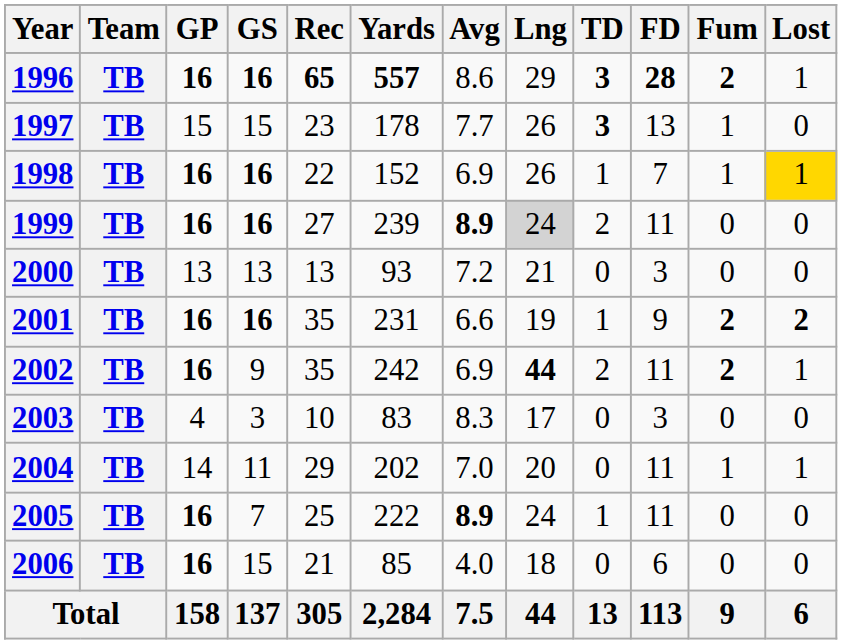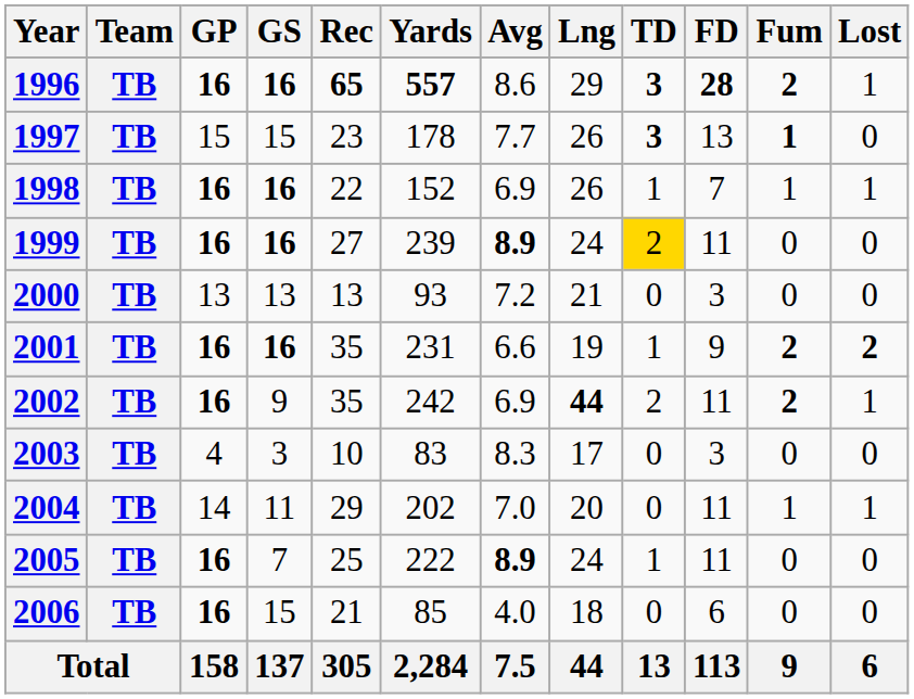 <table class="wikitable" style="text-align:center;">
 <tr>
 <th>Year</th>
 <th>Team</th>
 <th>GP</th>
 <th>GS</th>
 <th>Rec</th>
 <th>Yards</th>
 <th>Avg</th>
 <th>Lng</th>
 <th>TD</th>
 <th>FD</th>
 <th>Fum</th>
 <th>Lost</th>
 </tr>
 <tr>
 <th><a href='#'>1996</a></th>
 <th><a href='#'>TB</a></th>
 <td><strong>16</strong></td>
 <td><strong>16</strong></td>
 <td><strong>65</strong></td>
 <td><strong>557</strong></td>
 <td>8.6</td>
 <td>29</td>
 <td><strong>3</strong></td>
 <td><strong>28</strong></td>
 <td><strong>2</strong></td>
 <td>1</td>
 </tr>
 <tr>
 <th><a href='#'>1997</a></th>
 <th><a href='#'>TB</a></th>
 <td>15</td>
 <td>15</td>
 <td>23</td>
 <td>178</td>
 <td>7.7</td>
 <td>26</td>
 <td><strong>3</strong></td>
 <td>13</td>
-<td>1</td>
+<td><strong>1</strong></td>
 <td>0</td>
 </tr>
 <tr>
 <th><a href='#'>1998</a></th>
 <th><a href='#'>TB</a></th>
 <td><strong>16</strong></td>
 <td><strong>16</strong></td>
 <td>22</td>
 <td>152</td>
 <td>6.9</td>
 <td>26</td>
 <td>1</td>
 <td>7</td>
 <td>1</td>
-<td style="background: gold;">1</td>
+<td>1</td>
 </tr>
 <tr>
 <th><a href='#'>1999</a></th>
 <th><a href='#'>TB</a></th>
 <td><strong>16</strong></td>
 <td><strong>16</strong></td>
 <td>27</td>
 <td>239</td>
 <td><strong>8.9</strong></td>
-<td style="background: lightgrey;">24</td>
-<td>2</td>
+<td>24</td>
+<td style="background: gold;">2</td>
 <td>11</td>
 <td>0</td>
 <td>0</td>
 </tr>
 <tr>
 <th><a href='#'>2000</a></th>
 <th><a href='#'>TB</a></th>
 <td>13</td>
 <td>13</td>
 <td>13</td>
 <td>93</td>
 <td>7.2</td>
 <td>21</td>
 <td>0</td>
 <td>3</td>
 <td>0</td>
 <td>0</td>
 </tr>
 <tr>
 <th><a href='#'>2001</a></th>
 <th><a href='#'>TB</a></th>
 <td><strong>16</strong></td>
 <td><strong>16</strong></td>
 <td>35</td>
 <td>231</td>
 <td>6.6</td>
 <td>19</td>
 <td>1</td>
 <td>9</td>
 <td><strong>2</strong></td>
 <td><strong>2</strong></td>
 </tr>
 <tr>
 <th><a href='#'>2002</a></th>
 <th><a href='#'>TB</a></th>
 <td><strong>16</strong></td>
 <td>9</td>
 <td>35</td>
 <td>242</td>
 <td>6.9</td>
 <td><strong>44</strong></td>
 <td>2</td>
 <td>11</td>
 <td><strong>2</strong></td>
 <td>1</td>
 </tr>
 <tr>
 <th><a href='#'>2003</a></th>
 <th><a href='#'>TB</a></th>
 <td>4</td>
 <td>3</td>
 <td>10</td>
 <td>83</td>
 <td>8.3</td>
 <td>17</td>
 <td>0</td>
 <td>3</td>
 <td>0</td>
 <td>0</td>
 </tr>
 <tr>
 <th><a href='#'>2004</a></th>
 <th><a href='#'>TB</a></th>
 <td>14</td>
 <td>11</td>
 <td>29</td>
 <td>202</td>
 <td>7.0</td>
 <td>20</td>
 <td>0</td>
 <td>11</td>
 <td>1</td>
 <td>1</td>
 </tr>
 <tr>
 <th><a href='#'>2005</a></th>
 <th><a href='#'>TB</a></th>
 <td><strong>16</strong></td>
 <td>7</td>
 <td>25</td>
 <td>222</td>
 <td><strong>8.9</strong></td>
 <td>24</td>
 <td>1</td>
 <td>11</td>
 <td>0</td>
 <td>0</td>
 </tr>
 <tr>
 <th><a href='#'>2006</a></th>
 <th><a href='#'>TB</a></th>
 <td><strong>16</strong></td>
 <td>15</td>
 <td>21</td>
 <td>85</td>
 <td>4.0</td>
 <td>18</td>
 <td>0</td>
 <td>6</td>
 <td>0</td>
 <td>0</td>
 </tr>
 <tr>
 <th colspan="2">Total</th>
 <th>158</th>
 <th>137</th>
 <th>305</th>
 <th>2,284</th>
 <th>7.5</th>
 <th>44</th>
 <th>13</th>
 <th>113</th>
 <th>9</th>
 <th>6</th>
 </tr>
 </table>
